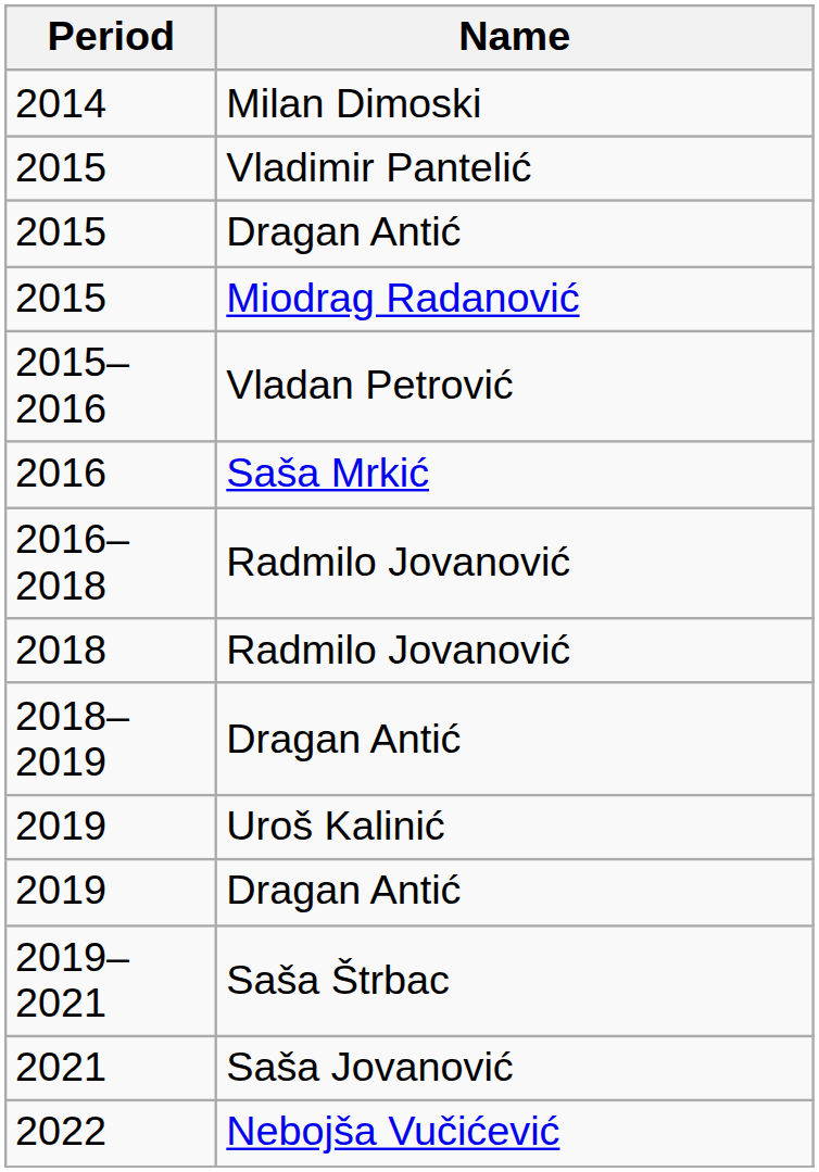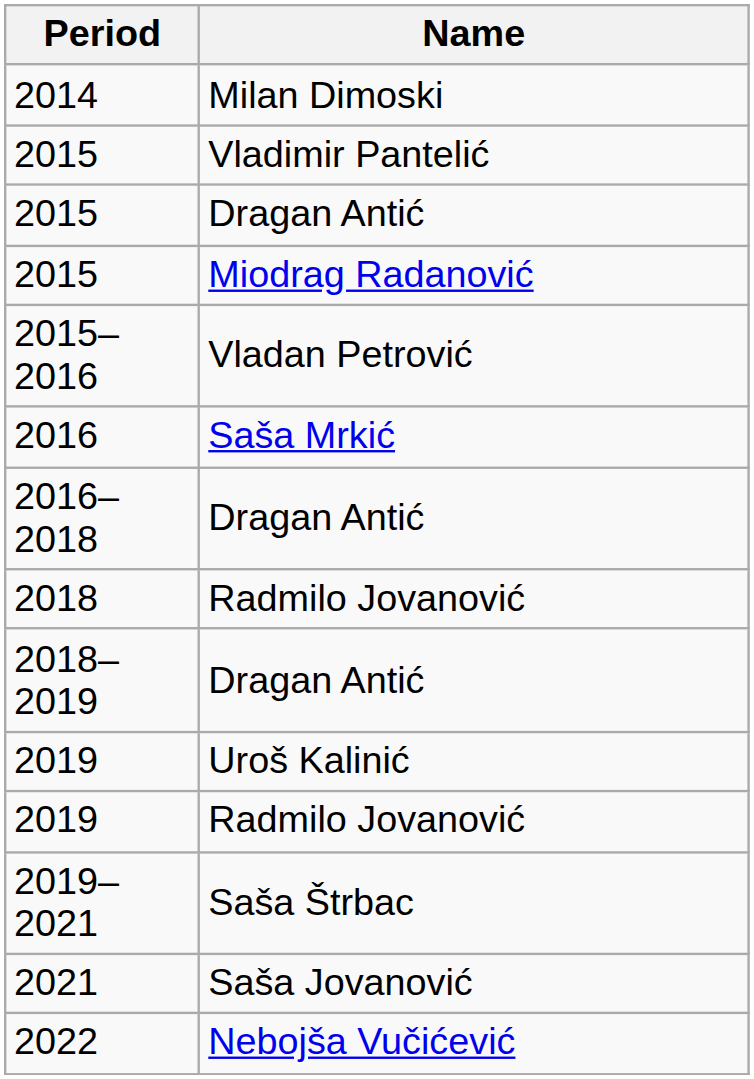 <table class="wikitable">
 <tr>
 <th width="75">Period</th>
 <th width="225">Name</th>
 </tr>
 <tr>
 <td>2014</td>
 <td> Milan Dimoski</td>
 </tr>
 <tr>
 <td>2015</td>
 <td> Vladimir Pantelić</td>
 </tr>
 <tr>
 <td>2015</td>
 <td> Dragan Antić</td>
 </tr>
 <tr>
 <td>2015</td>
 <td> <a href='#'>Miodrag Radanović</a></td>
 </tr>
 <tr>
 <td>2015–2016</td>
 <td> Vladan Petrović</td>
 </tr>
 <tr>
 <td>2016</td>
 <td> <a href='#'>Saša Mrkić</a></td>
 </tr>
 <tr>
 <td>2016–2018</td>
-<td> Radmilo Jovanović</td>
+<td> Dragan Antić</td>
 </tr>
 <tr>
 <td>2018</td>
 <td> Radmilo Jovanović</td>
 </tr>
 <tr>
 <td>2018–2019</td>
 <td> Dragan Antić</td>
 </tr>
 <tr>
 <td>2019</td>
 <td> Uroš Kalinić</td>
 </tr>
 <tr>
 <td>2019</td>
-<td> Dragan Antić</td>
+<td> Radmilo Jovanović</td>
 </tr>
 <tr>
 <td>2019–2021</td>
 <td> Saša Štrbac</td>
 </tr>
 <tr>
 <td>2021</td>
 <td> Saša Jovanović</td>
 </tr>
 <tr>
 <td>2022</td>
 <td> <a href='#'>Nebojša Vučićević</a></td>
 </tr>
 </table>
